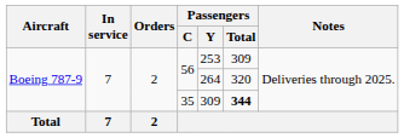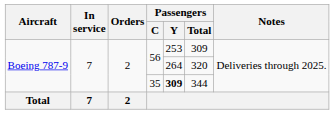 <table class="wikitable" style="text-align:center; margin:0.5em auto">
 <tr>
 <th rowspan="2">Aircraft</th>
 <th rowspan="2">In<br>service</th>
 <th rowspan="2">Orders</th>
 <th colspan="3">Passengers</th>
 <th rowspan="2">Notes</th>
 </tr>
 <tr>
 <th><abbr>C</abbr></th>
 <th><abbr>Y</abbr></th>
 <th>Total</th>
 </tr>
 <tr>
 <td rowspan="3"><a href='#'>Boeing 787-9</a></td>
 <td rowspan="3">7</td>
 <td rowspan="3">2</td>
 <td rowspan="2">56</td>
 <td>253</td>
 <td>309</td>
 <td rowspan="3">Deliveries through 2025.</td>
 </tr>
 <tr>
 <td>264</td>
 <td>320</td>
 </tr>
 <tr>
 <td>35</td>
-<td>309</td>
-<td><strong>344</strong></td>
+<td><strong>309</strong></td>
+<td>344</td>
 </tr>
 <tr>
 <th>Total</th>
 <th>7</th>
 <th>2</th>
 <th colspan="4"></th>
 </tr>
 </table>
